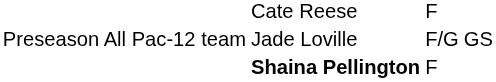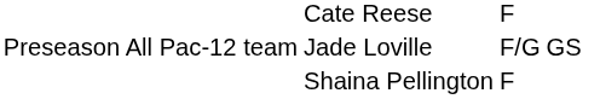 <table class="wiki table">
 <tr>
 <td rowspan=3>Preseason All Pac-12 team</td>
 <td>Cate Reese</td>
 <td>F</td>
 <td rowspan=3>GS</td>
 </tr>
 <tr>
 <td>Jade Loville</td>
 <td>F/G</td>
 </tr>
 <tr>
-<td><strong>Shaina Pellington</strong></td>
+<td>Shaina Pellington</td>
 <td>F</td>
 </tr>
 <tr>
 </tr>
 </table>
